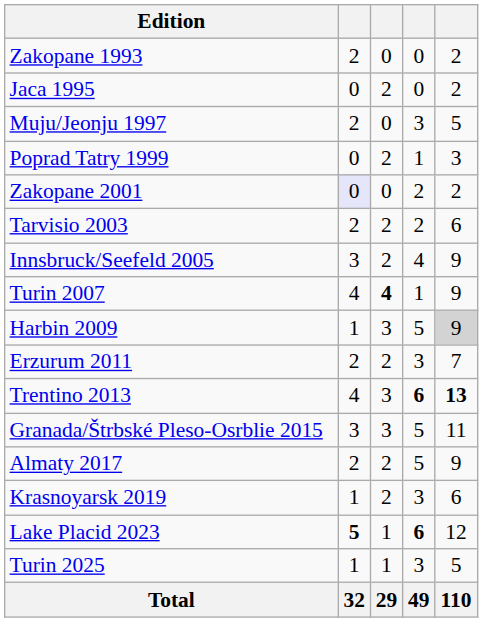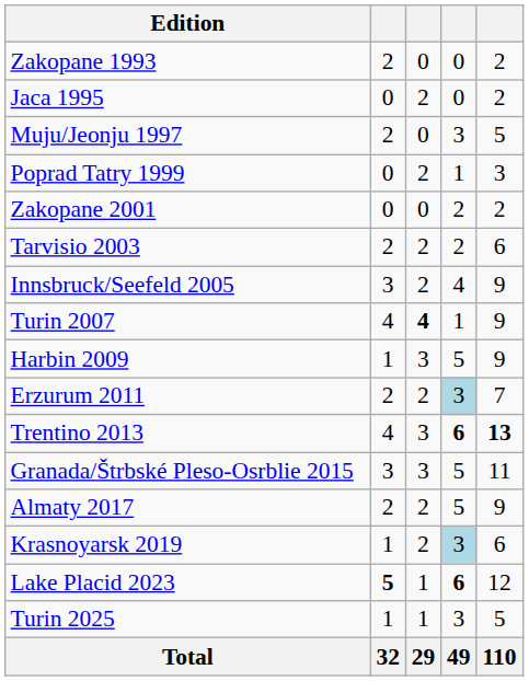 <table class="wikitable" width="40%" style="font-size:100%; text-align:center;">
 <tr>
 <th>Edition</th>
 <th></th>
 <th></th>
 <th></th>
 <th></th>
 </tr>
 <tr>
 <td align="left"> <a href='#'>Zakopane 1993</a></td>
 <td>2</td>
 <td>0</td>
 <td>0</td>
 <td>2</td>
 </tr>
 <tr>
 <td align="left"> <a href='#'>Jaca 1995</a></td>
 <td>0</td>
 <td>2</td>
 <td>0</td>
 <td>2</td>
 </tr>
 <tr>
 <td align="left"> <a href='#'>Muju/Jeonju 1997</a></td>
 <td>2</td>
 <td>0</td>
 <td>3</td>
 <td>5</td>
 </tr>
 <tr>
 <td align="left"> <a href='#'>Poprad Tatry 1999</a></td>
 <td>0</td>
 <td>2</td>
 <td>1</td>
 <td>3</td>
 </tr>
 <tr>
 <td align="left"> <a href='#'>Zakopane 2001</a></td>
-<td style="background: lavender;">0</td>
+<td>0</td>
 <td>0</td>
 <td>2</td>
 <td>2</td>
 </tr>
 <tr>
 <td align="left"> <a href='#'>Tarvisio 2003</a></td>
 <td>2</td>
 <td>2</td>
 <td>2</td>
 <td>6</td>
 </tr>
 <tr>
 <td align="left"> <a href='#'>Innsbruck/Seefeld 2005</a></td>
 <td>3</td>
 <td>2</td>
 <td>4</td>
 <td>9</td>
 </tr>
 <tr>
 <td align="left"> <a href='#'>Turin 2007</a></td>
 <td>4</td>
 <td><strong>4</strong></td>
 <td>1</td>
 <td>9</td>
 </tr>
 <tr>
 <td align="left"> <a href='#'>Harbin 2009</a></td>
 <td>1</td>
 <td>3</td>
 <td>5</td>
-<td style="background: lightgrey;">9</td>
+<td>9</td>
 </tr>
 <tr>
 <td align="left"> <a href='#'>Erzurum 2011</a></td>
 <td>2</td>
 <td>2</td>
-<td>3</td>
+<td style="background: lightblue;">3</td>
 <td>7</td>
 </tr>
 <tr>
 <td align="left"> <a href='#'>Trentino 2013</a></td>
 <td>4</td>
 <td>3</td>
 <td><strong>6</strong></td>
 <td><strong>13</strong></td>
 </tr>
 <tr>
 <td align="left"> <a href='#'>Granada/Štrbské Pleso-Osrblie 2015</a></td>
 <td>3</td>
 <td>3</td>
 <td>5</td>
 <td>11</td>
 </tr>
 <tr>
 <td align="left"> <a href='#'>Almaty 2017</a></td>
 <td>2</td>
 <td>2</td>
 <td>5</td>
 <td>9</td>
 </tr>
 <tr>
 <td align="left"> <a href='#'>Krasnoyarsk 2019</a></td>
 <td>1</td>
 <td>2</td>
-<td>3</td>
+<td style="background: lightblue;">3</td>
 <td>6</td>
 </tr>
 <tr>
 <td align=left> <a href='#'>Lake Placid 2023</a></td>
 <td><strong>5</strong></td>
 <td>1</td>
 <td><strong>6</strong></td>
 <td>12</td>
 </tr>
 <tr>
 <td align=left> <a href='#'>Turin 2025</a></td>
 <td>1</td>
 <td>1</td>
 <td>3</td>
 <td>5</td>
 </tr>
 <tr>
 <th>Total</th>
 <th>32</th>
 <th>29</th>
 <th>49</th>
 <th>110</th>
 </tr>
 </table>
